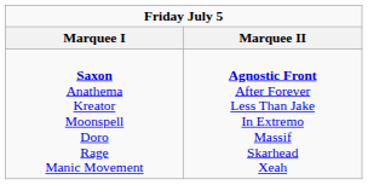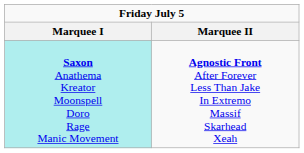 <table class="wikitable">
 <tr>
 <td colspan="3" style="text-align:center;"><strong>Friday July 5</strong></td>
 </tr>
 <tr>
 <th>Marquee I</th>
 <th>Marquee II</th>
 </tr>
 <tr>
-<td style="text-align:center; vertical-align:top; width:200px;"><br><strong><a href='#'>Saxon</a></strong> <br><a href='#'>Anathema</a>  <br><a href='#'>Kreator</a> <br><a href='#'>Moonspell</a> <br><a href='#'>Doro</a> <br><a href='#'>Rage</a> <br><a href='#'>Manic Movement</a></td>
+<td style="background: paleturquoise; text-align:center; vertical-align:top; width:200px;"><br><strong><a href='#'>Saxon</a></strong> <br><a href='#'>Anathema</a>  <br><a href='#'>Kreator</a> <br><a href='#'>Moonspell</a> <br><a href='#'>Doro</a> <br><a href='#'>Rage</a> <br><a href='#'>Manic Movement</a></td>
 <td style="text-align:center; vertical-align:top; width:200px;"><br><strong><a href='#'>Agnostic Front</a></strong> <br><a href='#'>After Forever</a> <br><a href='#'>Less Than Jake</a> <br><a href='#'>In Extremo</a> <br><a href='#'>Massif</a> <br><a href='#'>Skarhead</a> <br><a href='#'>Xeah</a></td>
 </tr>
 </table>
